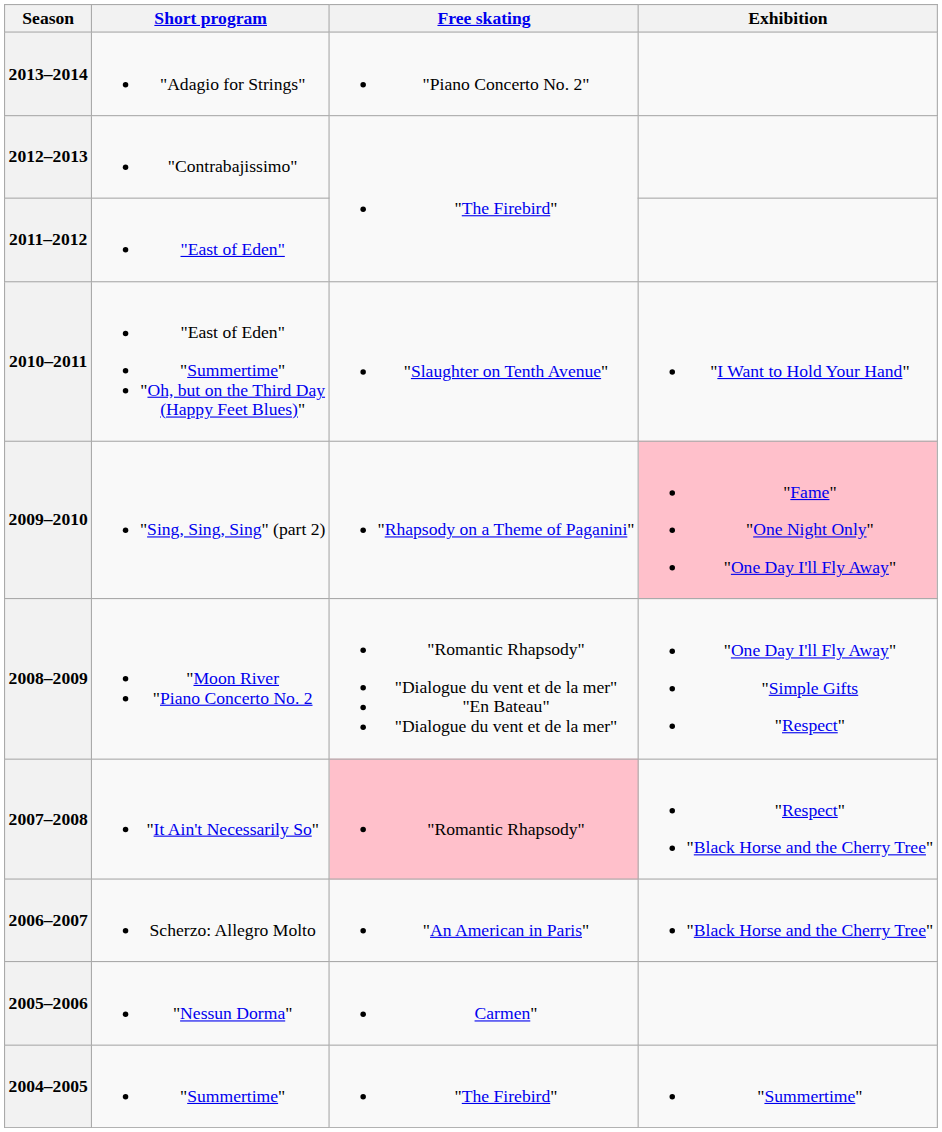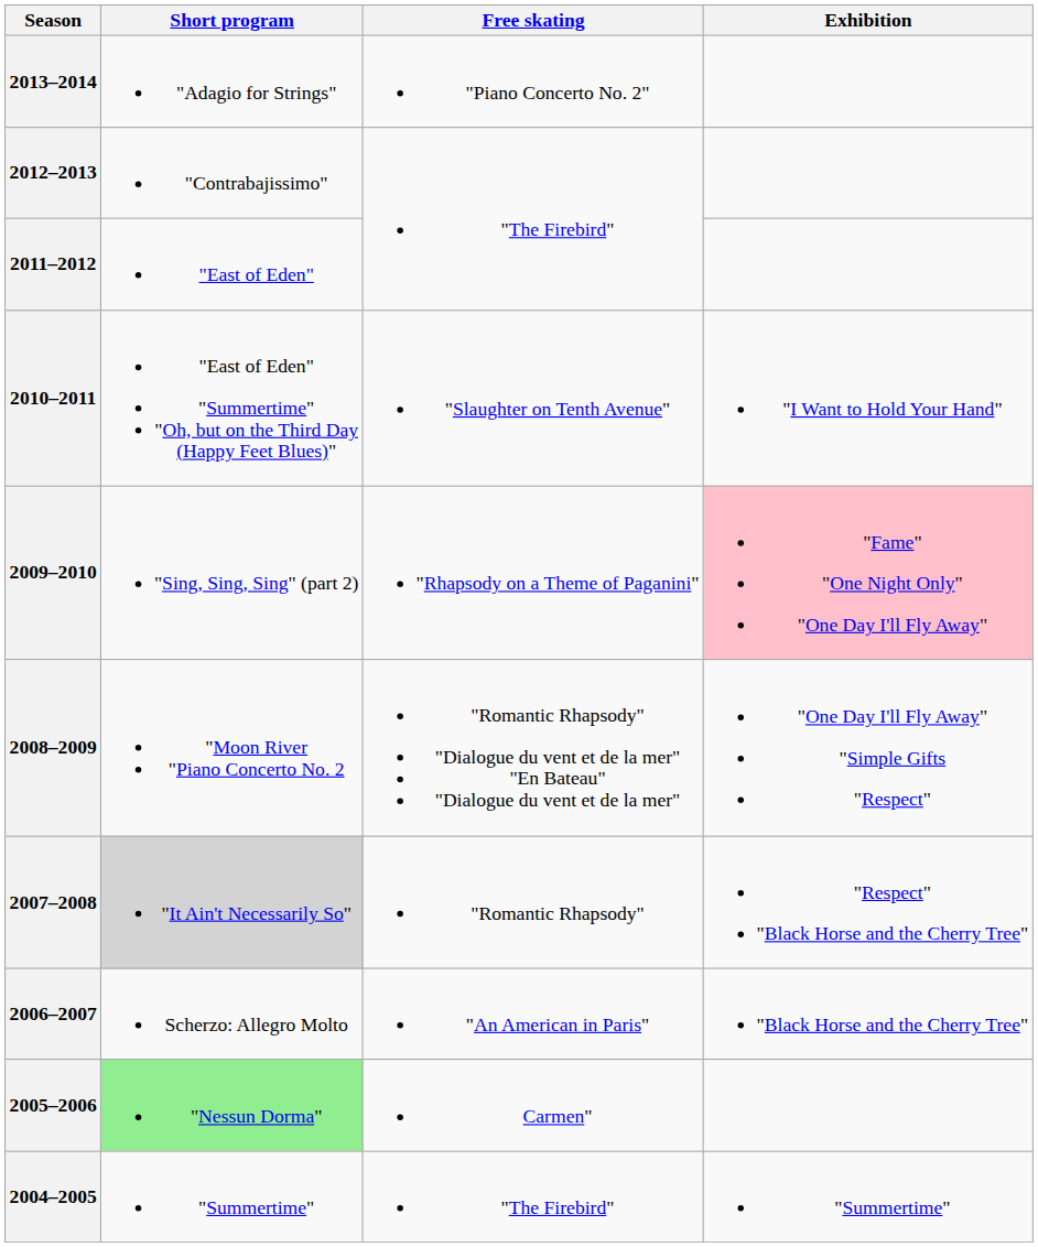 <table class="wikitable" style="text-align:center">
 <tr>
 <th>Season</th>
 <th><a href='#'>Short program</a></th>
 <th><a href='#'>Free skating</a></th>
 <th>Exhibition</th>
 </tr>
 <tr>
 <th>2013–2014 <br></th>
 <td><br><ul><li>"Adagio for Strings" <br></li></ul></td>
 <td><br><ul><li>"Piano Concerto No. 2" <br></li></ul></td>
 <td></td>
 </tr>
 <tr>
 <th>2012–2013 <br></th>
 <td><br><ul><li>"Contrabajissimo" <br></li></ul></td>
 <td rowspan=2><br><ul><li>"<a href='#'>The Firebird</a>" <br></li></ul></td>
 <td></td>
 </tr>
 <tr>
 <th>2011–2012 <br></th>
 <td><br><ul><li><a href='#'>"East of Eden"</a> <br></li></ul></td>
 <td></td>
 </tr>
 <tr>
 <th>2010–2011 <br></th>
 <td><br><ul><li>"East of Eden" <br></li></ul><ul><li>"<a href='#'>Summertime</a>" <br></li><li>"<a href='#'>Oh, but on the Third Day <br>(Happy Feet Blues)</a>" <br></li></ul></td>
 <td><br><ul><li>"<a href='#'>Slaughter on Tenth Avenue</a>" <br></li></ul></td>
 <td><br><ul><li>"<a href='#'>I Want to Hold Your Hand</a>" <br></li></ul></td>
 </tr>
 <tr>
 <th>2009–2010 <br></th>
 <td><br><ul><li>"<a href='#'>Sing, Sing, Sing</a>" (part 2) <br></li></ul></td>
 <td><br><ul><li>"<a href='#'>Rhapsody on a Theme of Paganini</a>" <br></li></ul></td>
 <td style="background: pink;"><br><ul><li>"<a href='#'>Fame</a>"</li></ul><ul><li>"<a href='#'>One Night Only</a>" <br></li></ul><ul><li>"<a href='#'>One Day I'll Fly Away</a>" <br></li></ul></td>
 </tr>
 <tr>
 <th>2008–2009 <br></th>
 <td><br><ul><li>"<a href='#'>Moon River</a> <br></li><li>"<a href='#'>Piano Concerto No. 2</a> <br></li></ul></td>
 <td><br><ul><li>"Romantic Rhapsody" <br></li></ul><ul><li>"Dialogue du vent et de la mer" <br></li><li>"En Bateau" <br></li><li>"Dialogue du vent et de la mer"</li></ul></td>
 <td><br><ul><li>"<a href='#'>One Day I'll Fly Away</a>" <br></li></ul><ul><li>"<a href='#'>Simple Gifts</a> <br></li></ul><ul><li>"<a href='#'>Respect</a>" <br></li></ul></td>
 </tr>
 <tr>
 <th>2007–2008 <br></th>
-<td><br><ul><li>"<a href='#'>It Ain't Necessarily So</a>" <br></li></ul></td>
-<td style="background: pink;"><br><ul><li>"Romantic Rhapsody" <br></li></ul></td>
+<td style="background: lightgrey;"><br><ul><li>"<a href='#'>It Ain't Necessarily So</a>" <br></li></ul></td>
+<td><br><ul><li>"Romantic Rhapsody" <br></li></ul></td>
 <td><br><ul><li>"<a href='#'>Respect</a>" <br></li></ul><ul><li>"<a href='#'>Black Horse and the Cherry Tree</a>" <br></li></ul></td>
 </tr>
 <tr>
 <th>2006–2007 <br></th>
 <td><br><ul><li>Scherzo: Allegro Molto </li></ul></td>
 <td><br><ul><li>"<a href='#'>An American in Paris</a>" <br></li></ul></td>
 <td><br><ul><li>"<a href='#'>Black Horse and the Cherry Tree</a>" <br></li></ul></td>
 </tr>
 <tr>
 <th>2005–2006 <br></th>
-<td><br><ul><li>"<a href='#'>Nessun Dorma</a>" <br></li></ul></td>
+<td style="background: lightgreen;"><br><ul><li>"<a href='#'>Nessun Dorma</a>" <br></li></ul></td>
 <td><br><ul><li><a href='#'>Carmen</a>" <br></li></ul></td>
 <td></td>
 </tr>
 <tr>
 <th>2004–2005 <br></th>
 <td><br><ul><li>"<a href='#'>Summertime</a>" <br></li></ul></td>
 <td><br><ul><li>"<a href='#'>The Firebird</a>" <br></li></ul></td>
 <td><br><ul><li>"<a href='#'>Summertime</a>" <br></li></ul></td>
 </tr>
 </table>
